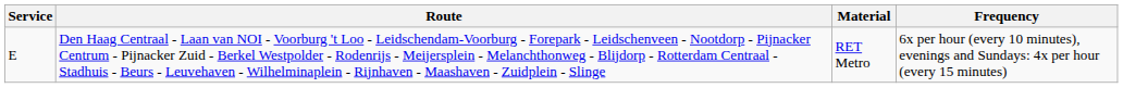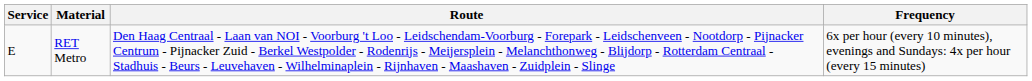 <table class="wikitable vatop">
 <tr>
 <th>Service</th>
+<th>Material</th>
 <th>Route</th>
-<th>Material</th>
 <th>Frequency</th>
 </tr>
 <tr>
 <td>E</td>
+<td><a href='#'>RET</a> Metro</td>
 <td><a href='#'>Den Haag Centraal</a> - <a href='#'>Laan van NOI</a> - <a href='#'>Voorburg 't Loo</a> - <a href='#'>Leidschendam-Voorburg</a> - <a href='#'>Forepark</a> - <a href='#'>Leidschenveen</a> - <a href='#'>Nootdorp</a> - <a href='#'>Pijnacker Centrum</a> - Pijnacker Zuid - <a href='#'>Berkel Westpolder</a> - <a href='#'>Rodenrijs</a> - <a href='#'>Meijersplein</a> - <a href='#'>Melanchthonweg</a> - <a href='#'>Blijdorp</a> - <a href='#'>Rotterdam Centraal</a> - <a href='#'>Stadhuis</a> - <a href='#'>Beurs</a> - <a href='#'>Leuvehaven</a> - <a href='#'>Wilhelminaplein</a> - <a href='#'>Rijnhaven</a> - <a href='#'>Maashaven</a> - <a href='#'>Zuidplein</a> - <a href='#'>Slinge</a></td>
-<td><a href='#'>RET</a> Metro</td>
 <td>6x per hour (every 10 minutes), evenings and Sundays: 4x per hour (every 15 minutes)</td>
 </tr>
 </table>
